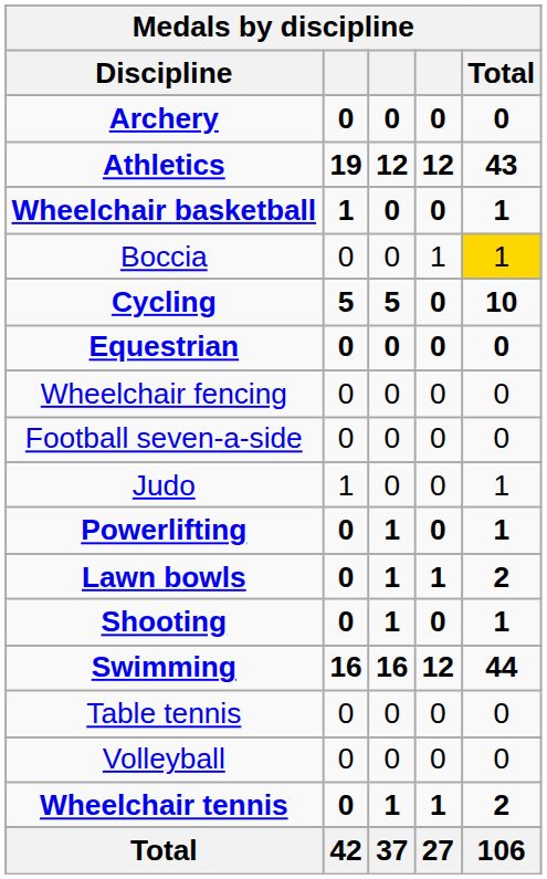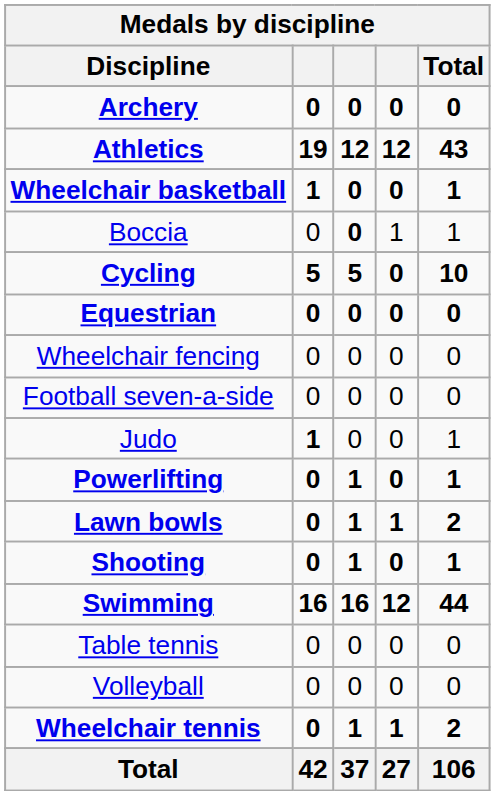 <table class="wikitable" style="font-size:85%" align="right">
 <tr bgcolor="#efefef">
 <th colspan=6>Medals by discipline</th>
 </tr>
 <tr style="text-align:center;">
 <th>Discipline</th>
 <th></th>
 <th></th>
 <th></th>
 <th>Total</th>
 </tr>
 <tr style="text-align:center; font-weight:bold;">
 <td><a href='#'>Archery</a></td>
 <td>0</td>
 <td>0</td>
 <td>0</td>
 <td>0</td>
 </tr>
 <tr style="text-align:center; font-weight:bold;">
 <td><a href='#'>Athletics</a></td>
 <td>19</td>
 <td>12</td>
 <td>12</td>
 <td>43</td>
 </tr>
 <tr style="text-align:center; font-weight:bold;">
 <td><a href='#'>Wheelchair basketball</a></td>
 <td>1</td>
 <td>0</td>
 <td>0</td>
 <td>1</td>
 </tr>
 <tr style="text-align:center; ">
 <td><a href='#'>Boccia</a></td>
 <td>0</td>
-<td>0</td>
+<td><strong>0</strong></td>
 <td>1</td>
-<td style="background: gold;">1</td>
+<td>1</td>
 </tr>
 <tr style="text-align:center; font-weight:bold;">
 <td><a href='#'>Cycling</a></td>
 <td>5</td>
 <td>5</td>
 <td>0</td>
 <td>10</td>
 </tr>
 <tr style="text-align:center; font-weight:bold;">
 <td><a href='#'>Equestrian</a></td>
 <td>0</td>
 <td>0</td>
 <td>0</td>
 <td>0</td>
 </tr>
 <tr style="text-align:center; ">
 <td><a href='#'>Wheelchair fencing</a></td>
 <td>0</td>
 <td>0</td>
 <td>0</td>
 <td>0</td>
 </tr>
 <tr style="text-align:center;">
 <td><a href='#'>Football seven-a-side</a></td>
 <td>0</td>
 <td>0</td>
 <td>0</td>
 <td>0</td>
 </tr>
 <tr style="text-align:center;">
 <td><a href='#'>Judo</a></td>
-<td>1</td>
+<td><strong>1</strong></td>
 <td>0</td>
 <td>0</td>
 <td>1</td>
 </tr>
 <tr style="text-align:center; font-weight:bold;">
 <td><a href='#'>Powerlifting</a></td>
 <td>0</td>
 <td>1</td>
 <td>0</td>
 <td>1</td>
 </tr>
 <tr style="text-align:center; font-weight:bold;">
 <td><a href='#'>Lawn bowls</a></td>
 <td>0</td>
 <td>1</td>
 <td>1</td>
 <td>2</td>
 </tr>
 <tr style="text-align:center; font-weight:bold;">
 <td><a href='#'>Shooting</a></td>
 <td>0</td>
 <td>1</td>
 <td>0</td>
 <td>1</td>
 </tr>
 <tr style="text-align:center; font-weight:bold;">
 <td><a href='#'>Swimming</a></td>
 <td>16</td>
 <td>16</td>
 <td>12</td>
 <td>44</td>
 </tr>
 <tr style="text-align:center;">
 <td><a href='#'>Table tennis</a></td>
 <td>0</td>
 <td>0</td>
 <td>0</td>
 <td>0</td>
 </tr>
 <tr style="text-align:center;">
 <td><a href='#'>Volleyball</a></td>
 <td>0</td>
 <td>0</td>
 <td>0</td>
 <td>0</td>
 </tr>
 <tr style="text-align:center; font-weight:bold;">
 <td><a href='#'>Wheelchair tennis</a></td>
 <td>0</td>
 <td>1</td>
 <td>1</td>
 <td>2</td>
 </tr>
 <tr style="text-align:center;">
 <th>Total</th>
 <th>42</th>
 <th>37</th>
 <th>27</th>
 <th>106</th>
 </tr>
 </table>
